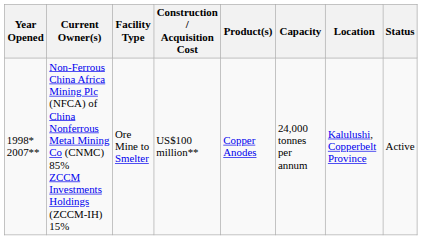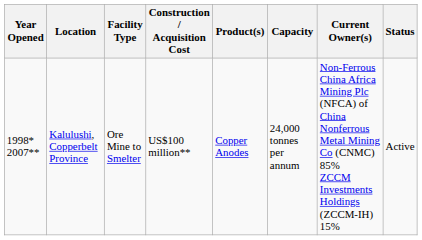 <table class="wikitable">
 <tr>
 <th>Year Opened</th>
-<th>Current Owner(s)</th>
+<th>Location</th>
 <th>Facility Type</th>
 <th>Construction /<br>Acquisition Cost</th>
 <th>Product(s)</th>
 <th>Capacity</th>
-<th>Location</th>
+<th>Current Owner(s)</th>
 <th>Status</th>
 </tr>
 <tr>
 <td>1998*<br>2007**</td>
-<td><a href='#'>Non-Ferrous China Africa Mining Plc</a> (NFCA) of<br><a href='#'>China Nonferrous Metal Mining Co</a> (CNMC) 85%<br><a href='#'>ZCCM Investments Holdings</a> (ZCCM-IH) 15%</td>
+<td><a href='#'>Kalulushi</a>, <a href='#'>Copperbelt Province</a></td>
 <td>Ore Mine to<br><a href='#'>Smelter</a></td>
 <td>US$100 million**</td>
 <td><a href='#'>Copper</a> <a href='#'>Anodes</a></td>
 <td>24,000 tonnes per annum</td>
-<td><a href='#'>Kalulushi</a>, <a href='#'>Copperbelt Province</a></td>
+<td><a href='#'>Non-Ferrous China Africa Mining Plc</a> (NFCA) of<br><a href='#'>China Nonferrous Metal Mining Co</a> (CNMC) 85%<br><a href='#'>ZCCM Investments Holdings</a> (ZCCM-IH) 15%</td>
 <td>Active</td>
 </tr>
 </table>
